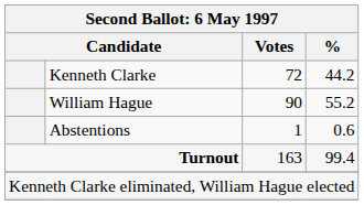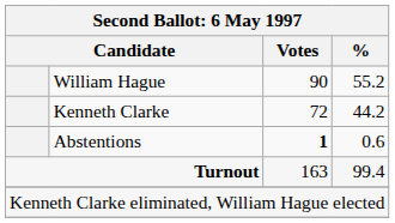 <table class="wikitable" style="font-size: 95%;">
 <tr>
 <th colspan="4">Second Ballot: 6 May 1997</th>
 </tr>
 <tr>
 <th colspan="2" style="width: 170px">Candidate</th>
 <th style="width: 50px">Votes</th>
 <th style="width: 40px">%</th>
 </tr>
 <tr>
 <th style="background-color: "></th>
+<td style="width: 170px">William Hague</td>
+<td align="right">90</td>
+<td align="right">55.2</td>
+</tr>
+<tr>
+<th style="background-color: "></th>
 <td style="width: 170px">Kenneth Clarke</td>
 <td align="right">72</td>
 <td align="right">44.2</td>
 </tr>
 <tr>
 <th style="background-color: "></th>
-<td style="width: 170px">William Hague</td>
-<td align="right">90</td>
-<td align="right">55.2</td>
-</tr>
-<tr>
-<th style="background-color: "></th>
 <td style="width: 170px">Abstentions</td>
-<td align="right">1</td>
+<td align="right"><strong>1</strong></td>
 <td align="right">0.6</td>
 </tr>
 <tr style="background-color:#F6F6F6">
 <td colspan="2" align="right"><strong>Turnout</strong></td>
 <td align="right">163</td>
 <td align="right">99.4</td>
 </tr>
 <tr>
 </tr>
 <tr style="background-color:#F6F6F6">
 <td colspan="4">Kenneth Clarke eliminated, William Hague elected</td>
 </tr>
 <tr>
 </tr>
 </table>
